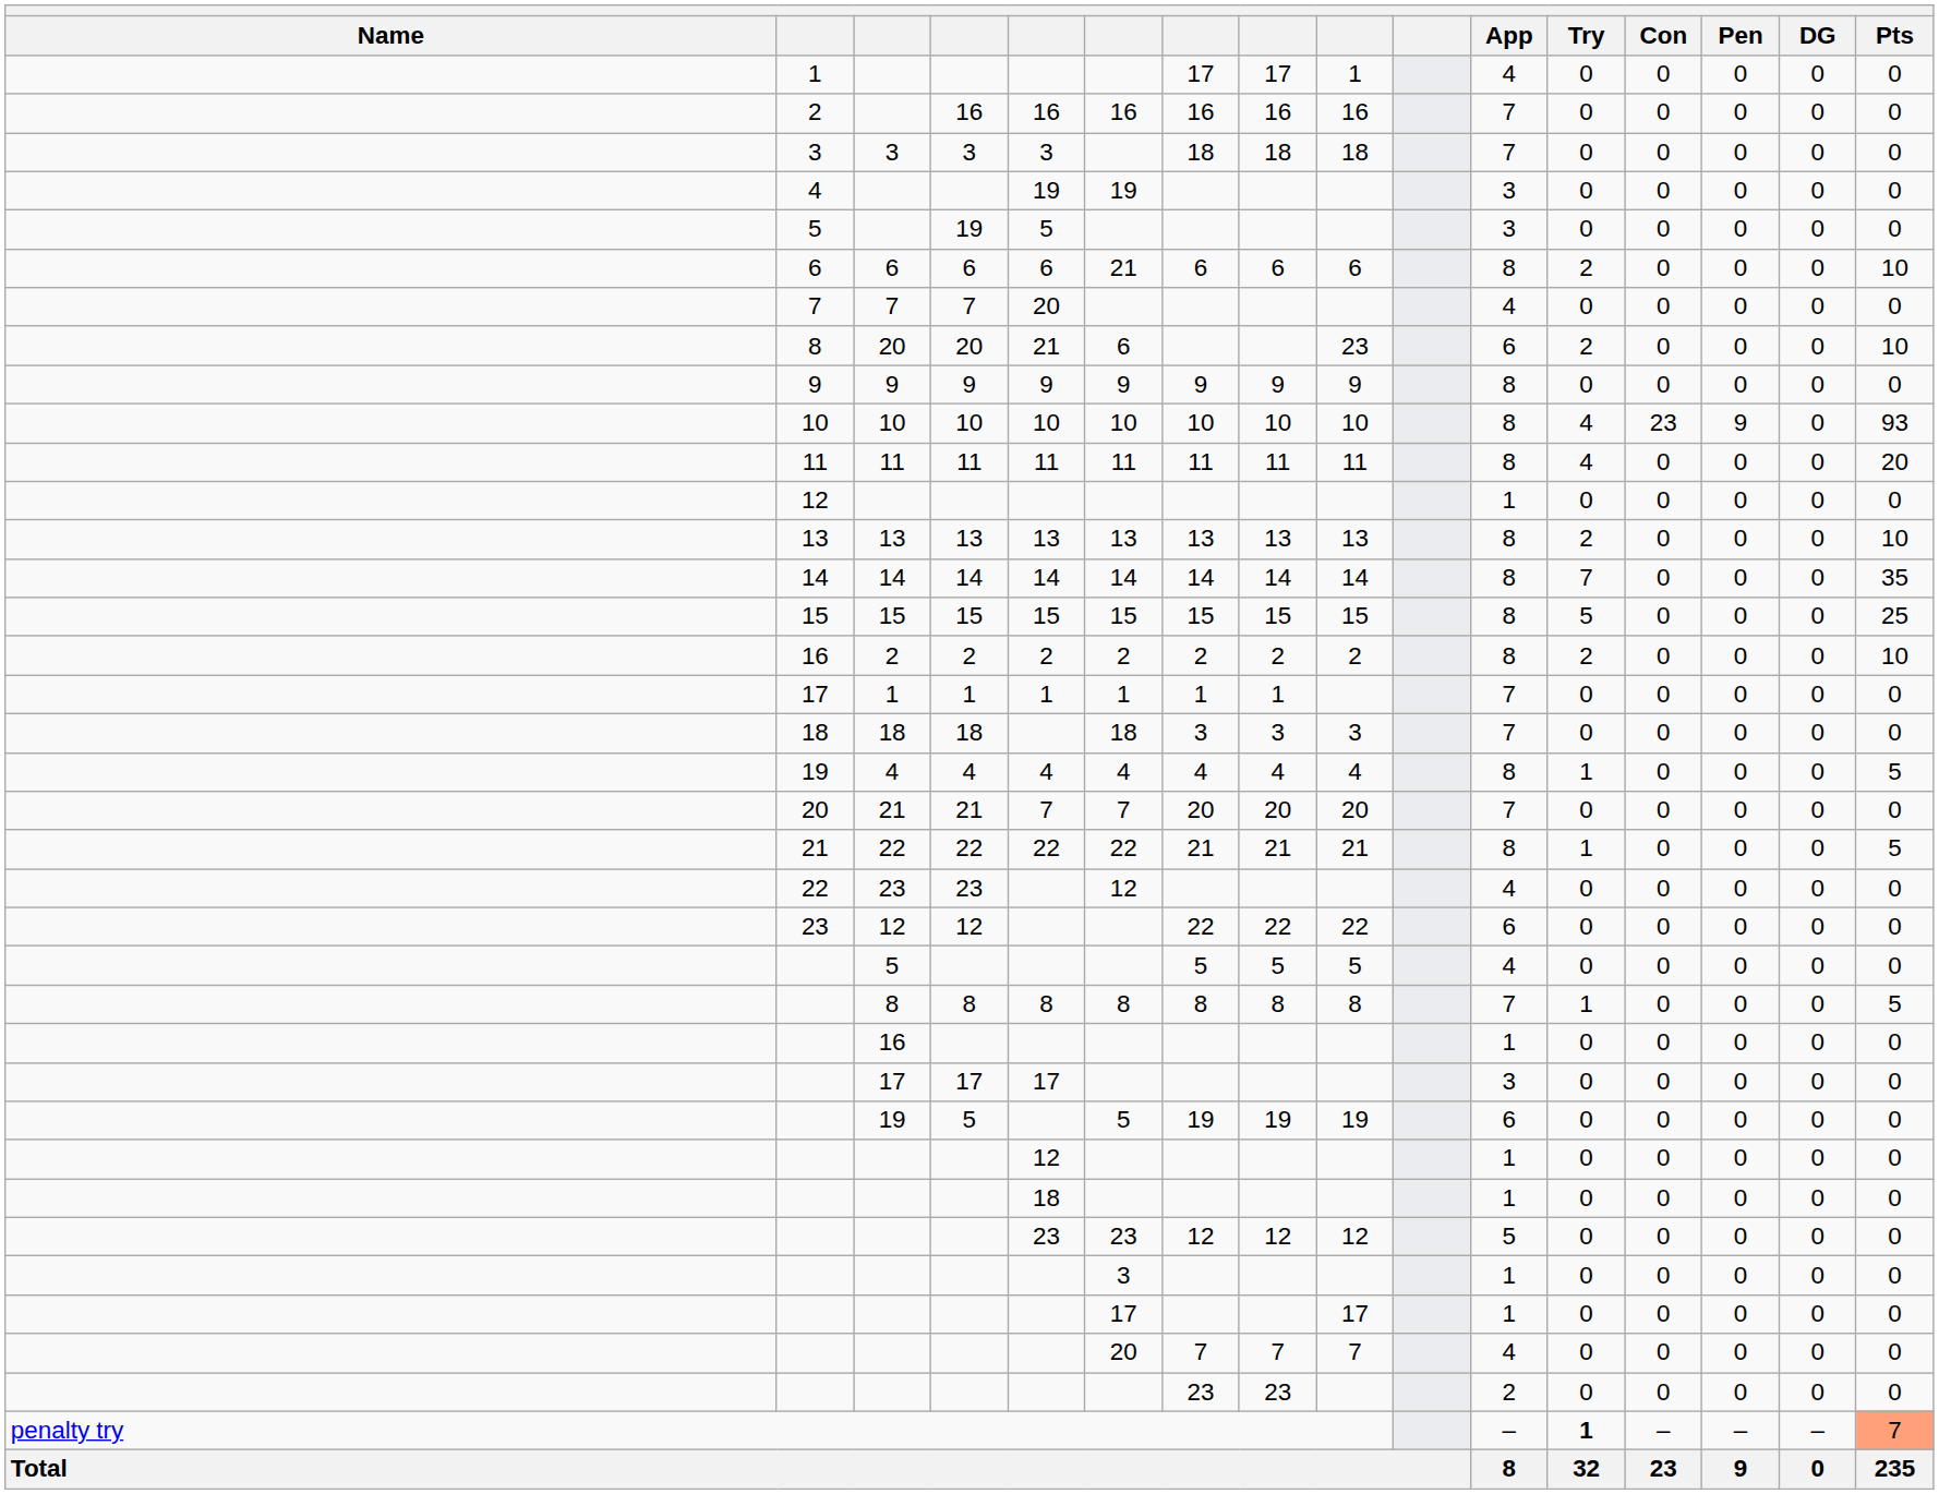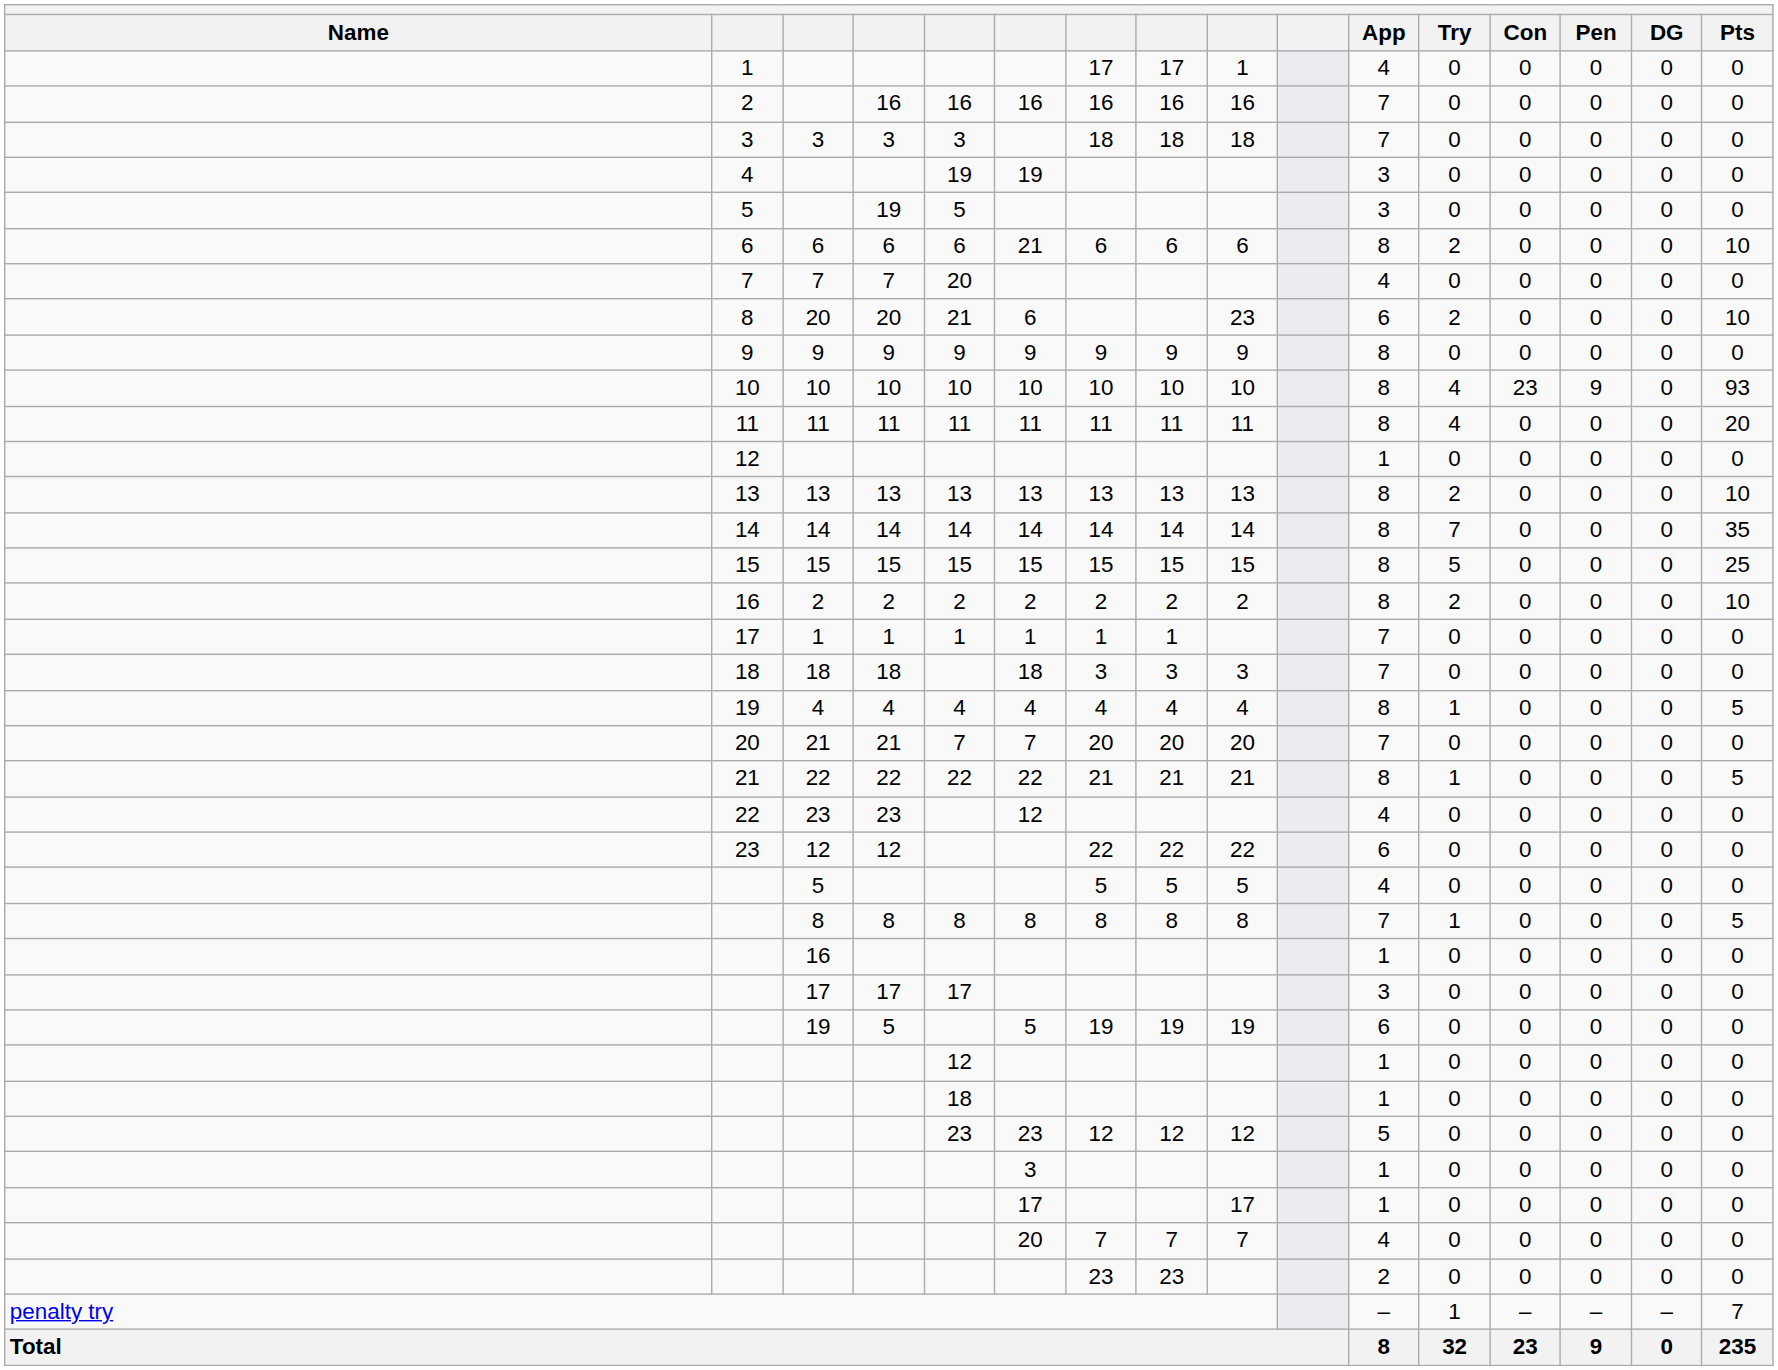 <table class="wikitable collapsible collapsed" style="text-align:center; font-size:100%; width:100%">
 <tr>
 <th colspan="100%"></th>
 </tr>
 <tr>
 <th style="width:40%;">Name</th>
 <th style="width:4%;"></th>
 <th style="width:4%;"></th>
 <th style="width:4%;"></th>
 <th style="width:4%;"></th>
 <th style="width:4%;"></th>
 <th style="width:4%;"></th>
 <th style="width:4%;"></th>
 <th style="width:4%;"></th>
 <th style="width:4%;"></th>
 <th style="width:4%;">App</th>
 <th style="width:4%;">Try</th>
 <th style="width:4%;">Con</th>
 <th style="width:4%;">Pen</th>
 <th style="width:4%;">DG</th>
 <th style="width:4%;">Pts</th>
 </tr>
 <tr>
 <td style="text-align:left;"></td>
 <td>1</td>
 <td></td>
 <td></td>
 <td></td>
 <td></td>
 <td>17 </td>
 <td>17 </td>
 <td>1</td>
 <td style="background:#EBECF0;"></td>
 <td>4</td>
 <td>0</td>
 <td>0</td>
 <td>0</td>
 <td>0</td>
 <td>0</td>
 </tr>
 <tr>
 <td style="text-align:left;"></td>
 <td>2</td>
 <td></td>
 <td>16 </td>
 <td>16 </td>
 <td>16 </td>
 <td>16 </td>
 <td>16 </td>
 <td>16 </td>
 <td style="background:#EBECF0;"></td>
 <td>7</td>
 <td>0</td>
 <td>0</td>
 <td>0</td>
 <td>0</td>
 <td>0</td>
 </tr>
 <tr>
 <td style="text-align:left;"></td>
 <td>3</td>
 <td>3</td>
 <td>3</td>
 <td>3</td>
 <td></td>
 <td>18 </td>
 <td>18 </td>
 <td>18 </td>
 <td style="background:#EBECF0;"></td>
 <td>7</td>
 <td>0</td>
 <td>0</td>
 <td>0</td>
 <td>0</td>
 <td>0</td>
 </tr>
 <tr>
 <td style="text-align:left;"></td>
 <td>4</td>
 <td></td>
 <td></td>
 <td>19 </td>
 <td>19 </td>
 <td></td>
 <td></td>
 <td></td>
 <td style="background:#EBECF0;"></td>
 <td>3</td>
 <td>0</td>
 <td>0</td>
 <td>0</td>
 <td>0</td>
 <td>0</td>
 </tr>
 <tr>
 <td style="text-align:left;"></td>
 <td>5</td>
 <td></td>
 <td>19 </td>
 <td>5</td>
 <td></td>
 <td></td>
 <td></td>
 <td></td>
 <td style="background:#EBECF0;"></td>
 <td>3</td>
 <td>0</td>
 <td>0</td>
 <td>0</td>
 <td>0</td>
 <td>0</td>
 </tr>
 <tr>
 <td style="text-align:left;"></td>
 <td>6</td>
 <td>6</td>
 <td>6</td>
 <td>6</td>
 <td>21 </td>
 <td>6</td>
 <td>6</td>
 <td>6</td>
 <td style="background:#EBECF0;"></td>
 <td>8</td>
 <td>2</td>
 <td>0</td>
 <td>0</td>
 <td>0</td>
 <td>10</td>
 </tr>
 <tr>
 <td style="text-align:left;"></td>
 <td>7</td>
 <td>7</td>
 <td>7</td>
 <td>20 </td>
 <td></td>
 <td></td>
 <td></td>
 <td></td>
 <td style="background:#EBECF0;"></td>
 <td>4</td>
 <td>0</td>
 <td>0</td>
 <td>0</td>
 <td>0</td>
 <td>0</td>
 </tr>
 <tr>
 <td style="text-align:left;"></td>
 <td>8</td>
 <td>20 </td>
 <td>20 </td>
 <td>21 </td>
 <td>6</td>
 <td></td>
 <td></td>
 <td>23 </td>
 <td style="background:#EBECF0;"></td>
 <td>6</td>
 <td>2</td>
 <td>0</td>
 <td>0</td>
 <td>0</td>
 <td>10</td>
 </tr>
 <tr>
 <td style="text-align:left;"></td>
 <td>9</td>
 <td>9</td>
 <td>9</td>
 <td>9</td>
 <td>9</td>
 <td>9</td>
 <td>9</td>
 <td>9</td>
 <td style="background:#EBECF0;"></td>
 <td>8</td>
 <td>0</td>
 <td>0</td>
 <td>0</td>
 <td>0</td>
 <td>0</td>
 </tr>
 <tr>
 <td style="text-align:left;"></td>
 <td>10</td>
 <td>10</td>
 <td>10</td>
 <td>10</td>
 <td>10</td>
 <td>10</td>
 <td>10</td>
 <td>10</td>
 <td style="background:#EBECF0;"></td>
 <td>8</td>
 <td>4</td>
 <td>23</td>
 <td>9</td>
 <td>0</td>
 <td>93</td>
 </tr>
 <tr>
 <td style="text-align:left;"></td>
 <td>11</td>
 <td>11</td>
 <td>11</td>
 <td>11</td>
 <td>11</td>
 <td>11</td>
 <td>11</td>
 <td>11</td>
 <td style="background:#EBECF0;"></td>
 <td>8</td>
 <td>4</td>
 <td>0</td>
 <td>0</td>
 <td>0</td>
 <td>20</td>
 </tr>
 <tr>
 <td style="text-align:left;"></td>
 <td>12</td>
 <td></td>
 <td></td>
 <td></td>
 <td></td>
 <td></td>
 <td></td>
 <td></td>
 <td style="background:#EBECF0;"></td>
 <td>1</td>
 <td>0</td>
 <td>0</td>
 <td>0</td>
 <td>0</td>
 <td>0</td>
 </tr>
 <tr>
 <td style="text-align:left;"></td>
 <td>13</td>
 <td>13</td>
 <td>13</td>
 <td>13</td>
 <td>13</td>
 <td>13</td>
 <td>13</td>
 <td>13</td>
 <td style="background:#EBECF0;"></td>
 <td>8</td>
 <td>2</td>
 <td>0</td>
 <td>0</td>
 <td>0</td>
 <td>10</td>
 </tr>
 <tr>
 <td style="text-align:left;"></td>
 <td>14</td>
 <td>14</td>
 <td>14</td>
 <td>14</td>
 <td>14</td>
 <td>14</td>
 <td>14</td>
 <td>14</td>
 <td style="background:#EBECF0;"></td>
 <td>8</td>
 <td>7</td>
 <td>0</td>
 <td>0</td>
 <td>0</td>
 <td>35</td>
 </tr>
 <tr>
 <td style="text-align:left;"></td>
 <td>15</td>
 <td>15</td>
 <td>15</td>
 <td>15</td>
 <td>15</td>
 <td>15</td>
 <td>15</td>
 <td>15</td>
 <td style="background:#EBECF0;"></td>
 <td>8</td>
 <td>5</td>
 <td>0</td>
 <td>0</td>
 <td>0</td>
 <td>25</td>
 </tr>
 <tr>
 <td style="text-align:left;"></td>
 <td>16 </td>
 <td>2</td>
 <td>2</td>
 <td>2</td>
 <td>2</td>
 <td>2</td>
 <td>2</td>
 <td>2</td>
 <td style="background:#EBECF0;"></td>
 <td>8</td>
 <td>2</td>
 <td>0</td>
 <td>0</td>
 <td>0</td>
 <td>10</td>
 </tr>
 <tr>
 <td style="text-align:left;"></td>
 <td>17 </td>
 <td>1</td>
 <td>1</td>
 <td>1</td>
 <td>1</td>
 <td>1</td>
 <td>1</td>
 <td></td>
 <td style="background:#EBECF0;"></td>
 <td>7</td>
 <td>0</td>
 <td>0</td>
 <td>0</td>
 <td>0</td>
 <td>0</td>
 </tr>
 <tr>
 <td style="text-align:left;"></td>
 <td>18 </td>
 <td>18 </td>
 <td>18 </td>
 <td></td>
 <td>18 </td>
 <td>3</td>
 <td>3</td>
 <td>3</td>
 <td style="background:#EBECF0;"></td>
 <td>7</td>
 <td>0</td>
 <td>0</td>
 <td>0</td>
 <td>0</td>
 <td>0</td>
 </tr>
 <tr>
 <td style="text-align:left;"></td>
 <td>19 </td>
 <td>4</td>
 <td>4</td>
 <td>4</td>
 <td>4</td>
 <td>4</td>
 <td>4</td>
 <td>4</td>
 <td style="background:#EBECF0;"></td>
 <td>8</td>
 <td>1</td>
 <td>0</td>
 <td>0</td>
 <td>0</td>
 <td>5</td>
 </tr>
 <tr>
 <td style="text-align:left;"></td>
 <td>20 </td>
 <td>21 </td>
 <td>21</td>
 <td>7</td>
 <td>7</td>
 <td>20 </td>
 <td>20 </td>
 <td>20 </td>
 <td style="background:#EBECF0;"></td>
 <td>7</td>
 <td>0</td>
 <td>0</td>
 <td>0</td>
 <td>0</td>
 <td>0</td>
 </tr>
 <tr>
 <td style="text-align:left;"></td>
 <td>21 </td>
 <td>22 </td>
 <td>22 </td>
 <td>22 </td>
 <td>22 </td>
 <td>21 </td>
 <td>21 </td>
 <td>21 </td>
 <td style="background:#EBECF0;"></td>
 <td>8</td>
 <td>1</td>
 <td>0</td>
 <td>0</td>
 <td>0</td>
 <td>5</td>
 </tr>
 <tr>
 <td style="text-align:left;"></td>
 <td>22 </td>
 <td>23 </td>
 <td>23 </td>
 <td></td>
 <td>12</td>
 <td></td>
 <td></td>
 <td></td>
 <td style="background:#EBECF0;"></td>
 <td>4</td>
 <td>0</td>
 <td>0</td>
 <td>0</td>
 <td>0</td>
 <td>0</td>
 </tr>
 <tr>
 <td style="text-align:left;"></td>
 <td>23 </td>
 <td>12</td>
 <td>12</td>
 <td></td>
 <td></td>
 <td>22 </td>
 <td>22 </td>
 <td>22 </td>
 <td style="background:#EBECF0;"></td>
 <td>6</td>
 <td>0</td>
 <td>0</td>
 <td>0</td>
 <td>0</td>
 <td>0</td>
 </tr>
 <tr>
 <td style="text-align:left;"></td>
 <td></td>
 <td>5</td>
 <td></td>
 <td></td>
 <td></td>
 <td>5</td>
 <td>5</td>
 <td>5</td>
 <td style="background:#EBECF0;"></td>
 <td>4</td>
 <td>0</td>
 <td>0</td>
 <td>0</td>
 <td>0</td>
 <td>0</td>
 </tr>
 <tr>
 <td style="text-align:left;"></td>
 <td></td>
 <td>8</td>
 <td>8</td>
 <td>8</td>
 <td>8</td>
 <td>8</td>
 <td>8</td>
 <td>8</td>
 <td style="background:#EBECF0;"></td>
 <td>7</td>
 <td>1</td>
 <td>0</td>
 <td>0</td>
 <td>0</td>
 <td>5</td>
 </tr>
 <tr>
 <td style="text-align:left;"></td>
 <td></td>
 <td>16 </td>
 <td></td>
 <td></td>
 <td></td>
 <td></td>
 <td></td>
 <td></td>
 <td style="background:#EBECF0;"></td>
 <td>1</td>
 <td>0</td>
 <td>0</td>
 <td>0</td>
 <td>0</td>
 <td>0</td>
 </tr>
 <tr>
 <td style="text-align:left;"></td>
 <td></td>
 <td>17 </td>
 <td>17 </td>
 <td>17 </td>
 <td></td>
 <td></td>
 <td></td>
 <td></td>
 <td style="background:#EBECF0;"></td>
 <td>3</td>
 <td>0</td>
 <td>0</td>
 <td>0</td>
 <td>0</td>
 <td>0</td>
 </tr>
 <tr>
 <td style="text-align:left;"></td>
 <td></td>
 <td>19 </td>
 <td>5</td>
 <td></td>
 <td>5</td>
 <td>19 </td>
 <td>19 </td>
 <td>19 </td>
 <td style="background:#EBECF0;"></td>
 <td>6</td>
 <td>0</td>
 <td>0</td>
 <td>0</td>
 <td>0</td>
 <td>0</td>
 </tr>
 <tr>
 <td style="text-align:left;"></td>
 <td></td>
 <td></td>
 <td></td>
 <td>12</td>
 <td></td>
 <td></td>
 <td></td>
 <td></td>
 <td style="background:#EBECF0;"></td>
 <td>1</td>
 <td>0</td>
 <td>0</td>
 <td>0</td>
 <td>0</td>
 <td>0</td>
 </tr>
 <tr>
 <td style="text-align:left;"></td>
 <td></td>
 <td></td>
 <td></td>
 <td>18 </td>
 <td></td>
 <td></td>
 <td></td>
 <td></td>
 <td style="background:#EBECF0;"></td>
 <td>1</td>
 <td>0</td>
 <td>0</td>
 <td>0</td>
 <td>0</td>
 <td>0</td>
 </tr>
 <tr>
 <td style="text-align:left;"></td>
 <td></td>
 <td></td>
 <td></td>
 <td>23 </td>
 <td>23 </td>
 <td>12</td>
 <td>12</td>
 <td>12</td>
 <td style="background:#EBECF0;"></td>
 <td>5</td>
 <td>0</td>
 <td>0</td>
 <td>0</td>
 <td>0</td>
 <td>0</td>
 </tr>
 <tr>
 <td style="text-align:left;"></td>
 <td></td>
 <td></td>
 <td></td>
 <td></td>
 <td>3</td>
 <td></td>
 <td></td>
 <td></td>
 <td style="background:#EBECF0;"></td>
 <td>1</td>
 <td>0</td>
 <td>0</td>
 <td>0</td>
 <td>0</td>
 <td>0</td>
 </tr>
 <tr>
 <td style="text-align:left;"></td>
 <td></td>
 <td></td>
 <td></td>
 <td></td>
 <td>17</td>
 <td></td>
 <td></td>
 <td>17 </td>
 <td style="background:#EBECF0;"></td>
 <td>1</td>
 <td>0</td>
 <td>0</td>
 <td>0</td>
 <td>0</td>
 <td>0</td>
 </tr>
 <tr>
 <td style="text-align:left;"></td>
 <td></td>
 <td></td>
 <td></td>
 <td></td>
 <td>20 </td>
 <td>7</td>
 <td>7</td>
 <td>7</td>
 <td style="background:#EBECF0;"></td>
 <td>4</td>
 <td>0</td>
 <td>0</td>
 <td>0</td>
 <td>0</td>
 <td>0</td>
 </tr>
 <tr>
 <td style="text-align:left;"></td>
 <td></td>
 <td></td>
 <td></td>
 <td></td>
 <td></td>
 <td>23 </td>
 <td>23 </td>
 <td></td>
 <td style="background:#EBECF0;"></td>
 <td>2</td>
 <td>0</td>
 <td>0</td>
 <td>0</td>
 <td>0</td>
 <td>0</td>
 </tr>
 <tr>
 <td colspan="9" style="text-align:left;"><a href='#'>penalty try</a></td>
 <td style="background:#EBECF0;"></td>
 <td>–</td>
-<td><strong>1</strong></td>
+<td>1</td>
 <td>–</td>
 <td>–</td>
 <td>–</td>
-<td style="background: lightsalmon;">7</td>
+<td>7</td>
 </tr>
 <tr>
 <th colspan="10" style="text-align:left;">Total</th>
 <th>8</th>
 <th>32</th>
 <th>23</th>
 <th>9</th>
 <th>0</th>
 <th>235</th>
 </tr>
 </table>
